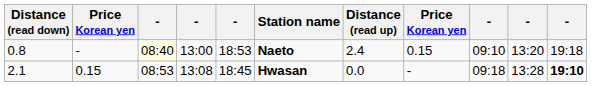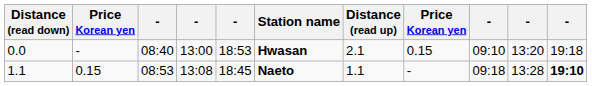 <table class="wikitable">
 <tr>
 <th>Distance<br><small>(read down)</small></th>
 <th>Price<br><small><a href='#'>Korean yen</a></small></th>
 <th><strong>-</strong></th>
 <th><strong>-</strong></th>
 <th><strong>-</strong></th>
 <th>Station name</th>
 <th>Distance<br><small>(read up)</small></th>
 <th>Price<br><small><a href='#'>Korean yen</a></small></th>
 <th><strong>-</strong></th>
 <th><strong>-</strong></th>
 <th><strong>-</strong></th>
 </tr>
 <tr>
-<td>0.8</td>
+<td>0.0</td>
 <td>-</td>
-<td style="background: lightyellow;">08:40</td>
+<td>08:40</td>
 <td>13:00</td>
 <td>18:53</td>
-<td><strong>Naeto</strong></td>
-<td>2.4</td>
+<td><strong>Hwasan</strong></td>
+<td>2.1</td>
 <td>0.15</td>
 <td>09:10</td>
 <td>13:20</td>
 <td>19:18</td>
 </tr>
 <tr>
-<td>2.1</td>
+<td>1.1</td>
 <td>0.15</td>
 <td>08:53</td>
 <td>13:08</td>
 <td>18:45</td>
-<td><strong>Hwasan</strong></td>
-<td>0.0</td>
+<td><strong>Naeto</strong></td>
+<td>1.1</td>
 <td>-</td>
 <td>09:18</td>
 <td>13:28</td>
 <td><strong>19:10</strong></td>
 </tr>
 </table>
